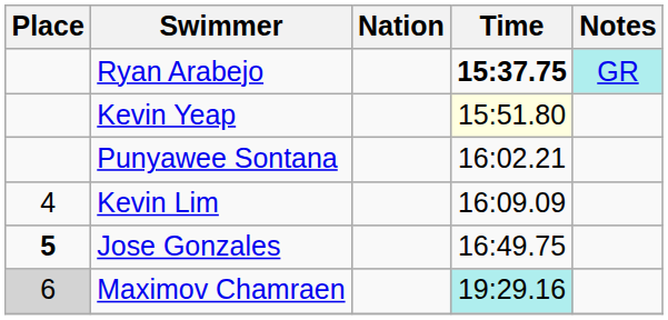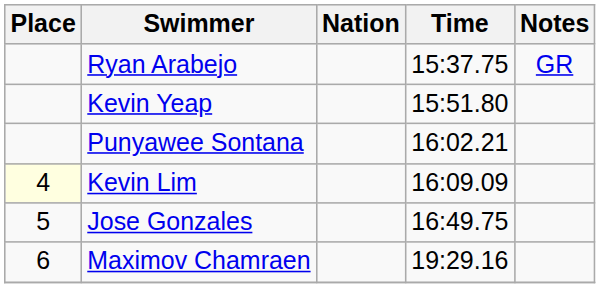 <table class="wikitable sortable" style="text-align:center">
 <tr>
 <th>Place</th>
 <th>Swimmer</th>
 <th>Nation</th>
 <th>Time</th>
 <th>Notes</th>
 </tr>
 <tr>
 <td></td>
 <td align=left><a href='#'>Ryan Arabejo</a></td>
 <td align=left></td>
-<td><strong>15:37.75</strong></td>
-<td style="background: paleturquoise;"><a href='#'>GR</a></td>
+<td>15:37.75</td>
+<td><a href='#'>GR</a></td>
 </tr>
 <tr>
 <td></td>
 <td align=left><a href='#'>Kevin Yeap</a></td>
 <td align=left></td>
-<td style="background: lightyellow;">15:51.80</td>
+<td>15:51.80</td>
 <td></td>
 </tr>
 <tr>
 <td></td>
 <td align=left><a href='#'>Punyawee Sontana</a></td>
 <td align=left></td>
 <td>16:02.21</td>
 <td></td>
 </tr>
 <tr>
-<td>4</td>
+<td style="background: lightyellow;">4</td>
 <td align=left><a href='#'>Kevin Lim</a></td>
 <td align=left></td>
 <td>16:09.09</td>
 <td></td>
 </tr>
 <tr>
-<td><strong>5</strong></td>
+<td>5</td>
 <td align=left><a href='#'>Jose Gonzales</a></td>
 <td align=left></td>
 <td>16:49.75</td>
 <td></td>
 </tr>
 <tr>
-<td style="background: lightgrey;">6</td>
+<td>6</td>
 <td align=left><a href='#'>Maximov Chamraen</a></td>
 <td align=left></td>
-<td style="background: paleturquoise;">19:29.16</td>
+<td>19:29.16</td>
 <td></td>
 </tr>
 <tr>
 </tr>
 </table>
